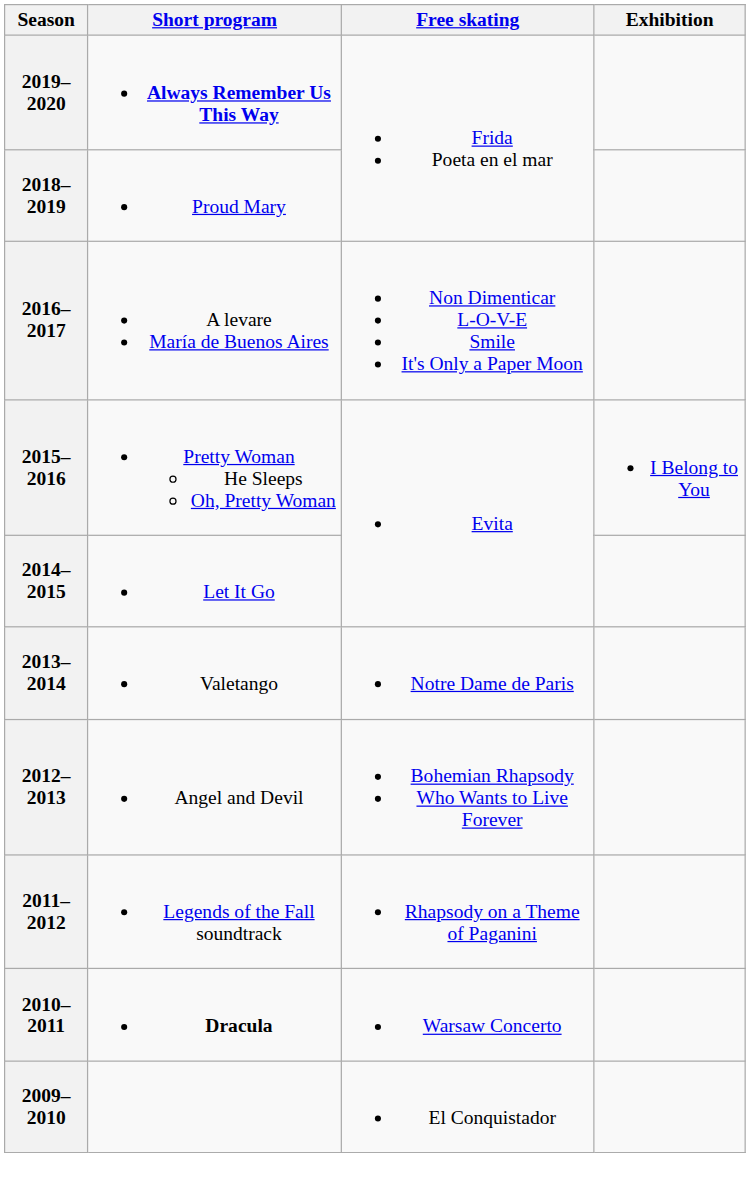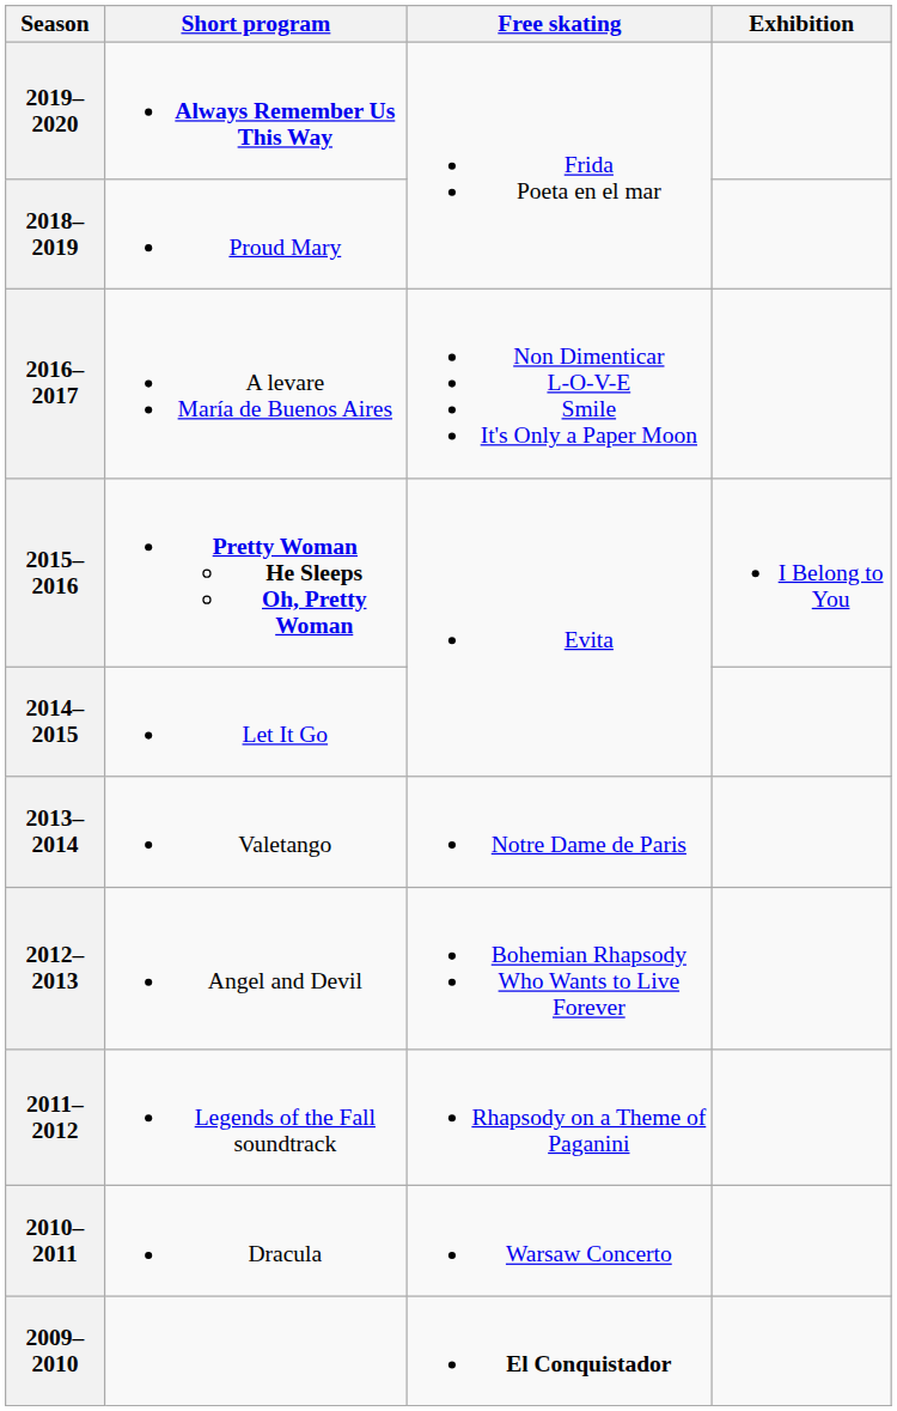 <table class=wikitable style=text-align:center>
 <tr>
 <th>Season</th>
 <th><a href='#'>Short program</a></th>
 <th><a href='#'>Free skating</a></th>
 <th>Exhibition</th>
 </tr>
 <tr>
 <th>2019–2020</th>
 <td><strong><br><ul><li><a href='#'>Always Remember Us This Way</a> <br></li></ul></strong></td>
 <td rowspan=2><br><ul><li><a href='#'>Frida</a> <br></li><li>Poeta en el mar <br></li></ul></td>
 <td></td>
 </tr>
 <tr>
 <th>2018–2019</th>
 <td><br><ul><li><a href='#'>Proud Mary</a> <br></li></ul></td>
 <td></td>
 </tr>
 <tr>
 <th>2016–2017 <br> </th>
 <td><br><ul><li>A levare <br></li><li><a href='#'>María de Buenos Aires</a> <br></li></ul></td>
 <td><br><ul><li><a href='#'>Non Dimenticar</a></li><li><a href='#'>L-O-V-E</a></li><li><a href='#'>Smile</a></li><li><a href='#'>It's Only a Paper Moon</a> <br></li></ul></td>
 <td></td>
 </tr>
 <tr>
 <th>2015–2016 <br> </th>
-<td><br><ul><li><a href='#'>Pretty Woman</a><ul><li>He Sleeps <br></li><li><a href='#'>Oh, Pretty Woman</a> <br></li></ul></li></ul></td>
+<td><strong><br><ul><li><a href='#'>Pretty Woman</a><ul><li>He Sleeps <br></li><li><a href='#'>Oh, Pretty Woman</a> <br></li></ul></li></ul></strong></td>
 <td rowspan=2><br><ul><li><a href='#'>Evita</a> <br></li></ul></td>
 <td><br><ul><li><a href='#'>I Belong to You</a> <br></li></ul></td>
 </tr>
 <tr>
 <th>2014–2015 <br> </th>
 <td><br><ul><li><a href='#'>Let It Go</a> <br></li></ul></td>
 <td></td>
 </tr>
 <tr>
 <th>2013–2014 <br> </th>
 <td><br><ul><li>Valetango</li></ul></td>
 <td><br><ul><li><a href='#'>Notre Dame de Paris</a> <br></li></ul></td>
 <td></td>
 </tr>
 <tr>
 <th>2012–2013 <br> </th>
 <td><br><ul><li>Angel and Devil <br></li></ul></td>
 <td><br><ul><li><a href='#'>Bohemian Rhapsody</a> <br></li><li><a href='#'>Who Wants to Live Forever</a> <br></li></ul></td>
 <td></td>
 </tr>
 <tr>
 <th>2011–2012</th>
 <td><br><ul><li><a href='#'>Legends of the Fall</a> soundtrack</li></ul></td>
 <td><br><ul><li><a href='#'>Rhapsody on a Theme of Paganini</a></li></ul></td>
 <td></td>
 </tr>
 <tr>
 <th>2010–2011 <br> </th>
-<td><strong><br><ul><li>Dracula <br></li></ul></strong></td>
+<td><br><ul><li>Dracula <br></li></ul></td>
 <td><br><ul><li><a href='#'>Warsaw Concerto</a> <br></li></ul></td>
 <td></td>
 </tr>
 <tr>
 <th>2009–2010</th>
 <td></td>
-<td><br><ul><li>El Conquistador <br></li></ul></td>
+<td><strong><br><ul><li>El Conquistador <br></li></ul></strong></td>
 <td></td>
 </tr>
 </table>
